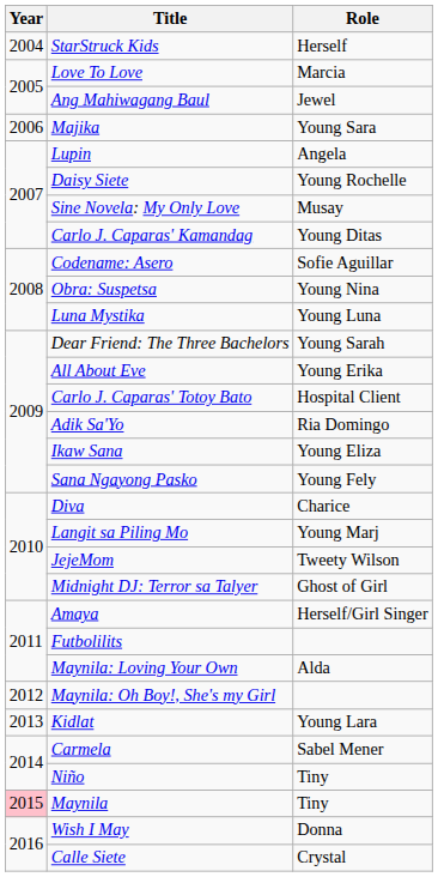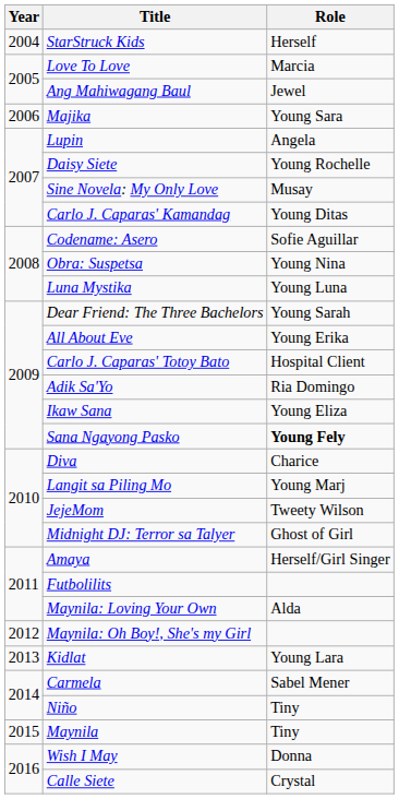 <table class="wikitable sortable">
 <tr>
 <th>Year</th>
 <th>Title</th>
 <th>Role</th>
 </tr>
 <tr>
 <td>2004</td>
 <td><em><a href='#'>StarStruck Kids</a></em></td>
 <td>Herself</td>
 </tr>
 <tr>
 <td rowspan=2>2005</td>
 <td><em><a href='#'>Love To Love</a></em></td>
 <td>Marcia</td>
 </tr>
 <tr>
 <td><em><a href='#'>Ang Mahiwagang Baul</a></em></td>
 <td>Jewel</td>
 </tr>
 <tr>
 <td>2006</td>
 <td><em><a href='#'>Majika</a></em></td>
 <td>Young Sara</td>
 </tr>
 <tr>
 <td rowspan=4>2007</td>
 <td><em><a href='#'>Lupin</a></em></td>
 <td>Angela</td>
 </tr>
 <tr>
 <td><em><a href='#'>Daisy Siete</a></em></td>
 <td>Young Rochelle</td>
 </tr>
 <tr>
 <td><em><a href='#'>Sine Novela</a>: <a href='#'>My Only Love</a></em></td>
 <td>Musay</td>
 </tr>
 <tr>
 <td><em><a href='#'>Carlo J. Caparas' Kamandag</a></em></td>
 <td>Young Ditas</td>
 </tr>
 <tr>
 <td rowspan=3>2008</td>
 <td><em><a href='#'>Codename: Asero</a></em></td>
 <td>Sofie Aguillar</td>
 </tr>
 <tr>
 <td><em><a href='#'>Obra: Suspetsa</a></em></td>
 <td>Young Nina</td>
 </tr>
 <tr>
 <td><em><a href='#'>Luna Mystika</a></em></td>
 <td>Young Luna</td>
 </tr>
 <tr>
 <td rowspan=6>2009</td>
 <td><em>Dear Friend: The Three Bachelors</em></td>
 <td>Young Sarah</td>
 </tr>
 <tr>
 <td><em><a href='#'>All About Eve</a></em></td>
 <td>Young Erika</td>
 </tr>
 <tr>
 <td><em><a href='#'>Carlo J. Caparas' Totoy Bato</a></em></td>
 <td>Hospital Client</td>
 </tr>
 <tr>
 <td><em><a href='#'>Adik Sa'Yo</a></em></td>
 <td>Ria Domingo</td>
 </tr>
 <tr>
 <td><em><a href='#'>Ikaw Sana</a></em></td>
 <td>Young Eliza</td>
 </tr>
 <tr>
 <td><em><a href='#'>Sana Ngayong Pasko</a></em></td>
-<td>Young Fely</td>
+<td><strong>Young Fely</strong></td>
 </tr>
 <tr>
 <td rowspan=4>2010</td>
 <td><em><a href='#'>Diva</a></em></td>
 <td>Charice</td>
 </tr>
 <tr>
 <td><em><a href='#'>Langit sa Piling Mo</a></em></td>
 <td>Young Marj</td>
 </tr>
 <tr>
 <td><em><a href='#'>JejeMom</a></em></td>
 <td>Tweety Wilson</td>
 </tr>
 <tr>
 <td><em><a href='#'>Midnight DJ: Terror sa Talyer</a></em></td>
 <td>Ghost of Girl</td>
 </tr>
 <tr>
 <td rowspan=3>2011</td>
 <td><em><a href='#'>Amaya</a></em></td>
 <td>Herself/Girl Singer</td>
 </tr>
 <tr>
 <td><em><a href='#'>Futbolilits</a></em></td>
 <td></td>
 </tr>
 <tr>
 <td><em><a href='#'>Maynila: Loving Your Own</a></em></td>
 <td>Alda</td>
 </tr>
 <tr>
 <td>2012</td>
 <td><em><a href='#'>Maynila: Oh Boy!, She's my Girl</a></em></td>
 <td></td>
 </tr>
 <tr>
 <td>2013</td>
 <td><em><a href='#'>Kidlat</a></em></td>
 <td>Young Lara</td>
 </tr>
 <tr>
 <td rowspan=2>2014</td>
 <td><em><a href='#'>Carmela</a></em></td>
 <td>Sabel Mener</td>
 </tr>
 <tr>
 <td><em><a href='#'>Niño</a></em></td>
 <td>Tiny</td>
 </tr>
 <tr>
-<td style="background: pink;">2015</td>
+<td>2015</td>
 <td><em><a href='#'>Maynila</a></em></td>
 <td>Tiny</td>
 </tr>
 <tr>
 <td rowspan=2>2016</td>
 <td><em><a href='#'>Wish I May</a></em></td>
 <td>Donna</td>
 </tr>
 <tr>
 <td><em><a href='#'>Calle Siete</a></em></td>
 <td>Crystal</td>
 </tr>
 </table>
